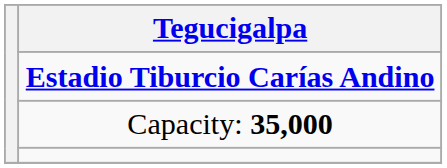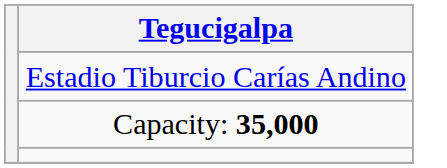 <table class=wikitable style="text-align:center">
 <tr>
 <th rowspan=4></th>
 <th><a href='#'>Tegucigalpa</a></th>
 </tr>
 <tr>
-<td><strong><a href='#'>Estadio Tiburcio Carías Andino</a></strong></td>
+<td><a href='#'>Estadio Tiburcio Carías Andino</a></td>
 </tr>
 <tr>
 <td>Capacity: <strong>35,000</strong></td>
 </tr>
 <tr>
 <td></td>
 </tr>
 <tr>
 </tr>
 </table>
